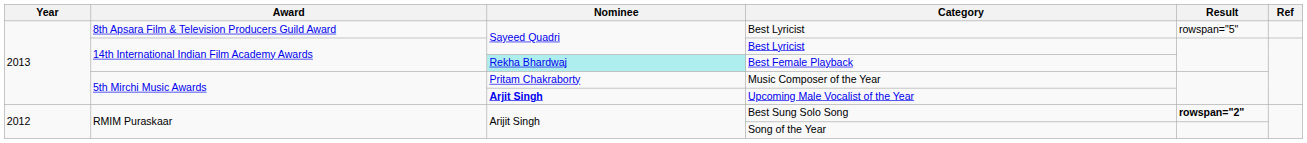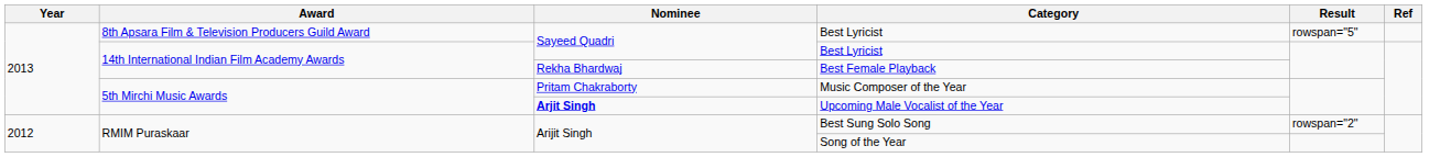 <table class="wikitable sortable">
 <tr>
 <th width=5%>Year</th>
 <th width=23%>Award</th>
 <th width=15%>Nominee</th>
 <th width=25%>Category</th>
 <th width=5%>Result</th>
 <th width=2%>Ref</th>
 </tr>
 <tr>
 <td rowspan="5">2013</td>
 <td><a href='#'>8th Apsara Film & Television Producers Guild Award</a></td>
 <td rowspan="2"><a href='#'>Sayeed Quadri</a></td>
 <td>Best Lyricist</td>
 <td>rowspan="5" </td>
 <td></td>
 </tr>
 <tr>
 <td rowspan="2"><a href='#'>14th International Indian Film Academy Awards</a></td>
 <td><a href='#'>Best Lyricist</a></td>
 <td rowspan="2"></td>
 </tr>
 <tr>
-<td style="background: paleturquoise;"><a href='#'>Rekha Bhardwaj</a></td>
+<td><a href='#'>Rekha Bhardwaj</a></td>
 <td><a href='#'>Best Female Playback</a></td>
 </tr>
 <tr>
 <td rowspan="2"><a href='#'>5th Mirchi Music Awards</a></td>
 <td><a href='#'>Pritam Chakraborty</a></td>
 <td>Music Composer of the Year</td>
 <td rowspan="2"></td>
 </tr>
 <tr>
 <td><strong><a href='#'>Arjit Singh</a></strong></td>
 <td><a href='#'>Upcoming Male Vocalist of the Year</a></td>
 </tr>
 <tr>
 <td rowspan="2">2012</td>
 <td rowspan="2">RMIM Puraskaar</td>
 <td rowspan="2">Arijit Singh</td>
 <td>Best Sung Solo Song</td>
-<td><strong>rowspan="2" </strong></td>
+<td>rowspan="2" </td>
 <td rowspan="2"></td>
 </tr>
 <tr>
 <td>Song of the Year</td>
 </tr>
 </table>
